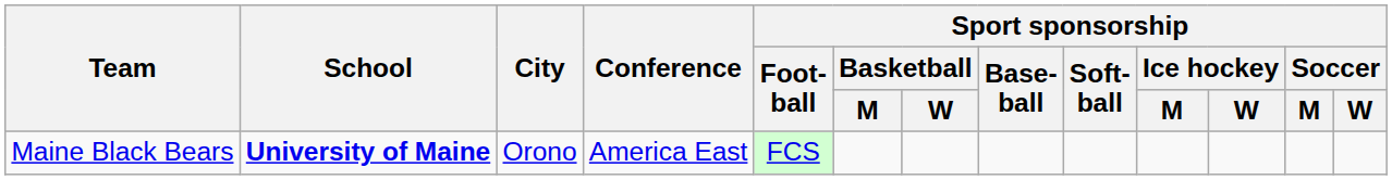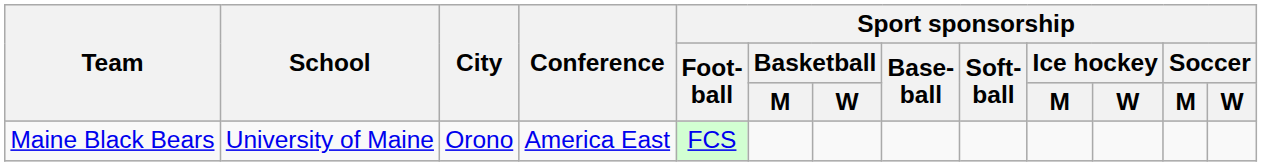 <table class="sortable wikitable">
 <tr>
 <th rowspan=3>Team</th>
 <th rowspan=3>School</th>
 <th rowspan=3>City</th>
 <th rowspan=3>Conference</th>
 <th colspan=9>Sport sponsorship</th>
 </tr>
 <tr>
 <th rowspan=2>Foot-<br>ball</th>
 <th colspan=2>Basketball</th>
 <th rowspan=2>Base-<br>ball</th>
 <th rowspan=2>Soft-<br>ball</th>
 <th colspan=2>Ice hockey</th>
 <th colspan=2>Soccer</th>
 </tr>
 <tr>
 <th>M</th>
 <th>W</th>
 <th>M</th>
 <th>W</th>
 <th>M</th>
 <th>W</th>
 </tr>
 <tr>
 <td><a href='#'>Maine Black Bears</a></td>
-<td><strong><a href='#'>University of Maine</a></strong></td>
+<td><a href='#'>University of Maine</a></td>
 <td><a href='#'>Orono</a></td>
 <td><a href='#'>America East</a></td>
 <td style="background:#D2FFD2; text-align:center"><a href='#'>FCS</a> </td>
 <td></td>
 <td></td>
 <td></td>
 <td></td>
 <td> </td>
 <td> </td>
 <td></td>
 <td></td>
 </tr>
 </table>
